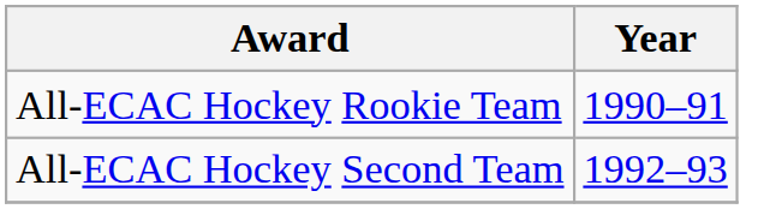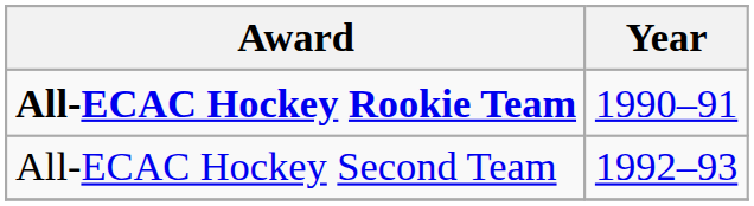 <table class="wikitable">
 <tr>
 <th>Award</th>
 <th>Year</th>
 </tr>
 <tr>
-<td>All-<a href='#'>ECAC Hockey</a> <a href='#'>Rookie Team</a></td>
+<td><strong>All-<a href='#'>ECAC Hockey</a> <a href='#'>Rookie Team</a></strong></td>
 <td><a href='#'>1990–91</a></td>
 </tr>
 <tr>
 <td>All-<a href='#'>ECAC Hockey</a> <a href='#'>Second Team</a></td>
 <td><a href='#'>1992–93</a></td>
 </tr>
 <tr>
 </tr>
 </table>
